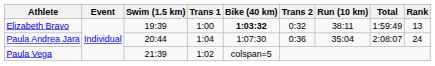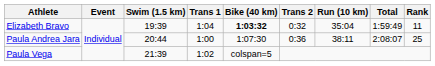 <table class="wikitable" style="font-size:90%">
 <tr>
 <th>Athlete</th>
 <th>Event</th>
 <th>Swim (1.5 km)</th>
 <th>Trans 1</th>
 <th>Bike (40 km)</th>
 <th>Trans 2</th>
 <th>Run (10 km)</th>
 <th>Total</th>
 <th>Rank</th>
 </tr>
 <tr align=center>
 <td align=left><a href='#'>Elizabeth Bravo</a></td>
 <td rowspan="3"><a href='#'>Individual</a></td>
 <td>19:39</td>
-<td>1:00</td>
+<td>1:04</td>
 <td><strong>1:03:32</strong></td>
 <td>0:32</td>
-<td>38:11</td>
+<td>35:04</td>
 <td>1:59:49</td>
-<td>13</td>
+<td>11</td>
 </tr>
 <tr align=center>
 <td align=left><a href='#'>Paula Andrea Jara</a></td>
 <td>20:44</td>
-<td>1:04</td>
+<td>1:00</td>
 <td>1:07:30</td>
 <td>0:36</td>
-<td>35:04</td>
+<td>38:11</td>
 <td>2:08:07</td>
-<td>24</td>
+<td>25</td>
 </tr>
 <tr align=center>
 <td align=left><a href='#'>Paula Vega</a></td>
 <td>21:39</td>
 <td>1:02</td>
 <td>colspan=5 </td>
 </tr>
 </table>
